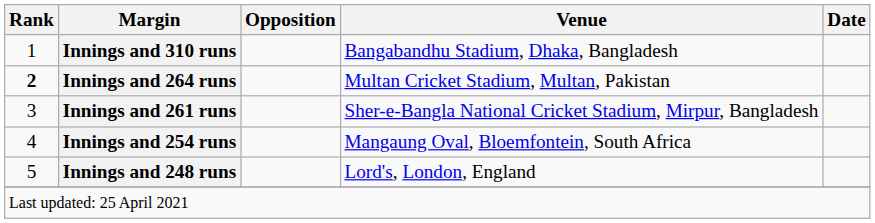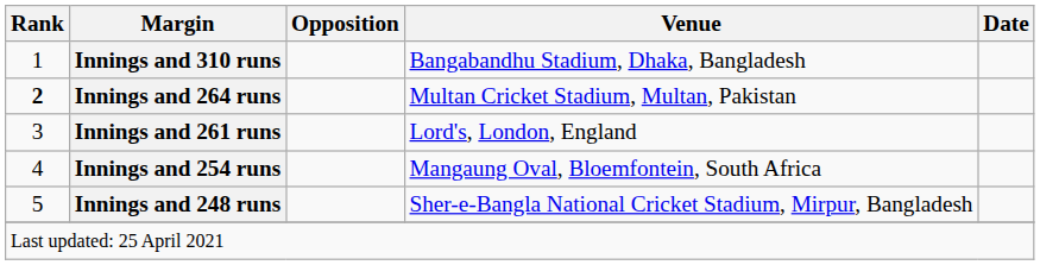 <table class="wikitable plainrowheaders sortable">
 <tr>
 <th scope=col>Rank</th>
 <th scope=col>Margin</th>
 <th scope=col>Opposition</th>
 <th scope=col>Venue</th>
 <th scope=col>Date</th>
 </tr>
 <tr>
 <td align=center>1</td>
 <th scope=row style="text-align:center;">Innings and 310 runs</th>
 <td></td>
 <td><a href='#'>Bangabandhu Stadium</a>, <a href='#'>Dhaka</a>, Bangladesh</td>
 <td></td>
 </tr>
 <tr>
 <td align=center><strong>2</strong></td>
 <th scope=row style=text-align:center;>Innings and 264 runs</th>
 <td></td>
 <td><a href='#'>Multan Cricket Stadium</a>, <a href='#'>Multan</a>, Pakistan</td>
 <td></td>
 </tr>
 <tr>
 <td align=center>3</td>
 <th scope=row style=text-align:center;>Innings and 261 runs</th>
 <td></td>
-<td><a href='#'>Sher-e-Bangla National Cricket Stadium</a>, <a href='#'>Mirpur</a>, Bangladesh</td>
+<td><a href='#'>Lord's</a>, <a href='#'>London</a>, England</td>
 <td></td>
 </tr>
 <tr>
 <td align=center>4</td>
 <th scope=row style=text-align:center;>Innings and 254 runs</th>
 <td></td>
 <td><a href='#'>Mangaung Oval</a>, <a href='#'>Bloemfontein</a>, South Africa</td>
 <td></td>
 </tr>
 <tr>
 <td align=center>5</td>
 <th scope=row style=text-align:center;>Innings and 248 runs</th>
 <td></td>
-<td><a href='#'>Lord's</a>, <a href='#'>London</a>, England</td>
+<td><a href='#'>Sher-e-Bangla National Cricket Stadium</a>, <a href='#'>Mirpur</a>, Bangladesh</td>
 <td></td>
 </tr>
 <tr>
 </tr>
 <tr class=sortbottom>
 <td colspan=5><small>Last updated: 25 April 2021</small></td>
 </tr>
 </table>
